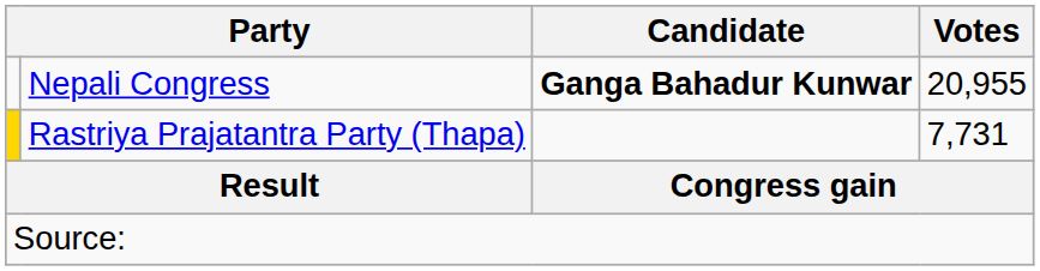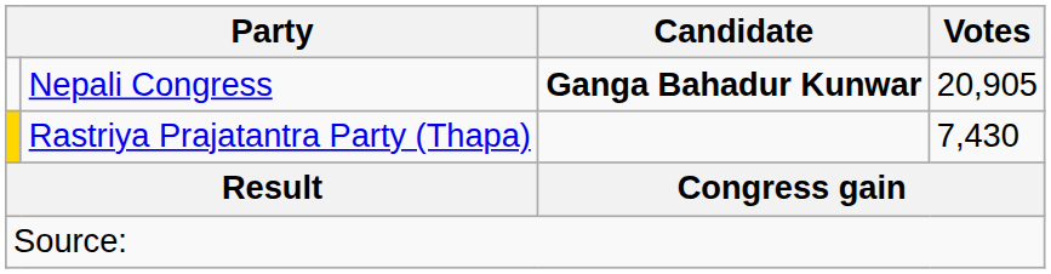 <table class="wikitable">
 <tr>
 <th colspan="2">Party</th>
 <th>Candidate</th>
 <th>Votes</th>
 </tr>
 <tr>
 <td style="background-color:"></td>
 <td><a href='#'>Nepali Congress</a></td>
 <td><strong>Ganga Bahadur Kunwar</strong></td>
-<td>20,955</td>
+<td>20,905</td>
 </tr>
 <tr>
 <td style="background-color:gold"></td>
 <td><a href='#'>Rastriya Prajatantra Party (Thapa)</a></td>
 <td></td>
-<td>7,731</td>
+<td>7,430</td>
 </tr>
 <tr>
 <th colspan="2">Result</th>
 <th colspan="2">Congress gain</th>
 </tr>
 <tr>
 <td colspan="4">Source: </td>
 </tr>
 </table>
